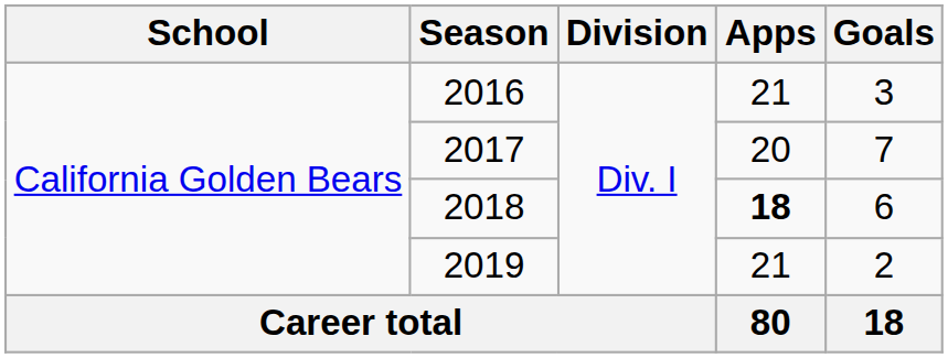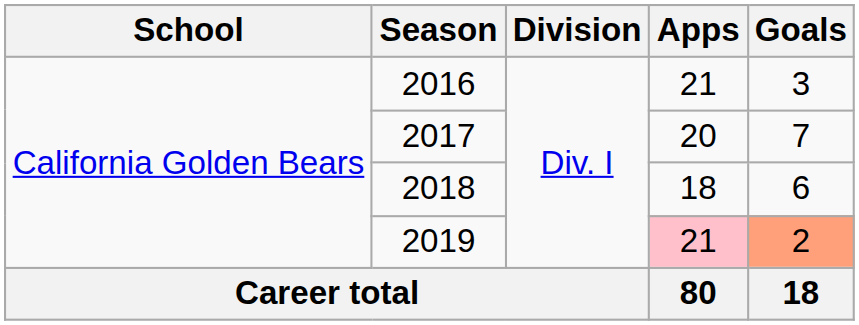 <table class="wikitable" style="text-align: center;">
 <tr>
 <th>School</th>
 <th>Season</th>
 <th>Division</th>
 <th>Apps</th>
 <th>Goals</th>
 </tr>
 <tr>
 <td rowspan="4"><a href='#'>California Golden Bears</a></td>
 <td>2016</td>
 <td rowspan="4"><a href='#'>Div. I</a></td>
 <td>21</td>
 <td>3</td>
 </tr>
 <tr>
 <td>2017</td>
 <td>20</td>
 <td>7</td>
 </tr>
 <tr>
 <td>2018</td>
-<td><strong>18</strong></td>
+<td>18</td>
 <td>6</td>
 </tr>
 <tr>
 <td>2019</td>
-<td>21</td>
-<td>2</td>
+<td style="background: pink;">21</td>
+<td style="background: lightsalmon;">2</td>
 </tr>
 <tr>
 <th colspan="3">Career total</th>
 <th>80</th>
 <th>18</th>
 </tr>
 </table>
